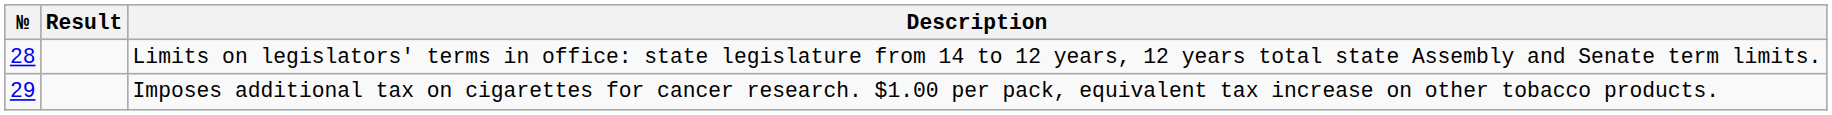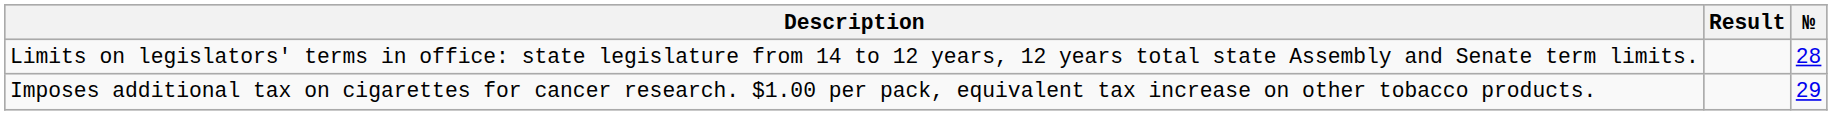 <table class="wikitable">
 <tr>
+<th scope="col">Description</th>
+<th scope="col">Result</th>
 <th scope="col">№</th>
-<th scope="col">Result</th>
-<th scope="col">Description</th>
 </tr>
 <tr>
+<td>Limits on legislators' terms in office: state legislature from 14 to 12 years, 12 years total state Assembly and Senate term limits.</td>
+<td></td>
 <td><a href='#'>28</a></td>
-<td></td>
-<td>Limits on legislators' terms in office: state legislature from 14 to 12 years, 12 years total state Assembly and Senate term limits.</td>
 </tr>
 <tr>
+<td>Imposes additional tax on cigarettes for cancer research. $1.00 per pack, equivalent tax increase on other tobacco products.</td>
+<td></td>
 <td><a href='#'>29</a></td>
-<td></td>
-<td>Imposes additional tax on cigarettes for cancer research. $1.00 per pack, equivalent tax increase on other tobacco products.</td>
 </tr>
 </table>
